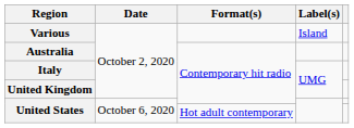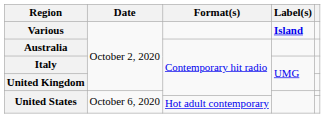 <table class="wikitable plainrowheaders">
 <tr>
 <th scope="col">Region</th>
 <th scope="col">Date</th>
 <th scope="col">Format(s)</th>
 <th scope="col">Label(s)</th>
 <th scope="col"></th>
 </tr>
 <tr>
 <th scope="row">Various</th>
 <td rowspan="4">October 2, 2020</td>
 <td></td>
-<td><a href='#'>Island</a></td>
+<td><strong><a href='#'>Island</a></strong></td>
 <td></td>
 </tr>
 <tr>
 <th scope="row">Australia</th>
 <td rowspan="4"><a href='#'>Contemporary hit radio</a></td>
 <td></td>
 <td></td>
 </tr>
 <tr>
 <th scope="row">Italy</th>
 <td rowspan="2"><a href='#'>UMG</a></td>
 <td></td>
 </tr>
 <tr>
 <th scope="row">United Kingdom</th>
 <td></td>
 </tr>
 <tr>
 <th scope="row" rowspan="2">United States</th>
 <td rowspan="2">October 6, 2020</td>
 <td rowspan="2"></td>
 <td></td>
 </tr>
 <tr>
 <td><a href='#'>Hot adult contemporary</a></td>
 <td></td>
 </tr>
 </table>
